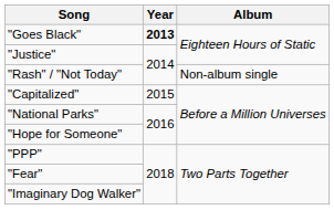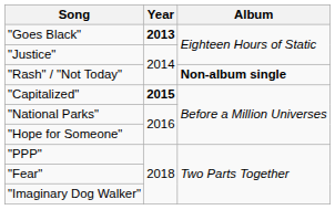 <table class="wikitable">
 <tr>
 <th>Song</th>
 <th>Year</th>
 <th>Album</th>
 </tr>
 <tr>
 <td>"Goes Black"</td>
 <td><strong>2013</strong></td>
 <td rowspan="2"><em>Eighteen Hours of Static</em></td>
 </tr>
 <tr>
 <td>"Justice"</td>
 <td rowspan="2">2014</td>
 </tr>
 <tr>
 <td>"Rash" / "Not Today"</td>
-<td>Non-album single</td>
+<td><strong>Non-album single</strong></td>
 </tr>
 <tr>
 <td>"Capitalized"</td>
-<td>2015</td>
+<td><strong>2015</strong></td>
 <td rowspan="3"><em>Before a Million Universes</em></td>
 </tr>
 <tr>
 <td>"National Parks"</td>
 <td rowspan="2">2016</td>
 </tr>
 <tr>
 <td>"Hope for Someone"</td>
 </tr>
 <tr>
 <td>"PPP"</td>
 <td rowspan="3">2018</td>
 <td rowspan="3"><em>Two Parts Together</em></td>
 </tr>
 <tr>
 <td>"Fear"</td>
 </tr>
 <tr>
 <td>"Imaginary Dog Walker"</td>
 </tr>
 </table>
